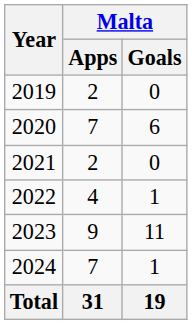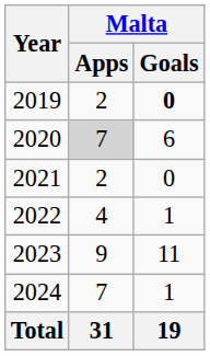 <table class="wikitable" style="text-align:center">
 <tr>
 <th rowspan=2>Year</th>
 <th colspan=2><a href='#'>Malta</a></th>
 </tr>
 <tr>
 <th>Apps</th>
 <th>Goals</th>
 </tr>
 <tr>
 <td>2019</td>
 <td>2</td>
-<td>0</td>
+<td><strong>0</strong></td>
 </tr>
 <tr>
 <td>2020</td>
-<td>7</td>
+<td style="background: lightgrey;">7</td>
 <td>6</td>
 </tr>
 <tr>
 <td>2021</td>
 <td>2</td>
 <td>0</td>
 </tr>
 <tr>
 <td>2022</td>
 <td>4</td>
 <td>1</td>
 </tr>
 <tr>
 <td>2023</td>
 <td>9</td>
 <td>11</td>
 </tr>
 <tr>
 <td>2024</td>
 <td>7</td>
 <td>1</td>
 </tr>
 <tr>
 <th>Total</th>
 <th>31</th>
 <th>19</th>
 </tr>
 </table>
